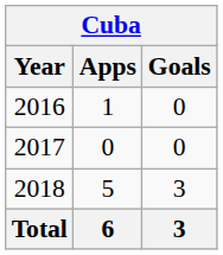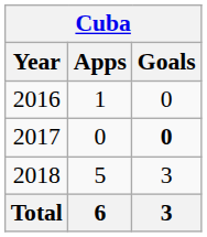 <table class="wikitable" style="text-align:center">
 <tr>
 <th colspan=3><a href='#'>Cuba</a></th>
 </tr>
 <tr>
 <th>Year</th>
 <th>Apps</th>
 <th>Goals</th>
 </tr>
 <tr>
 <td>2016</td>
 <td>1</td>
 <td>0</td>
 </tr>
 <tr>
 <td>2017</td>
 <td>0</td>
-<td>0</td>
+<td><strong>0</strong></td>
 </tr>
 <tr>
 <td>2018</td>
 <td>5</td>
 <td>3</td>
 </tr>
 <tr>
 <th>Total</th>
 <th>6</th>
 <th>3</th>
 </tr>
 </table>
